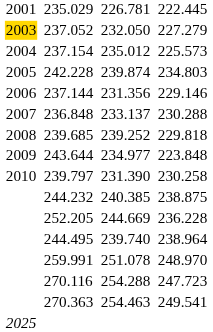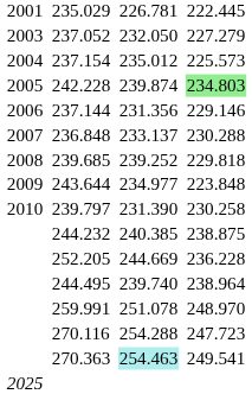 <table>
 <tr>
 <td>2001</td>
 <td></td>
 <td>235.029</td>
 <td></td>
 <td>226.781</td>
 <td></td>
 <td>222.445</td>
 </tr>
 <tr>
-<td style="background: gold;">2003</td>
+<td>2003</td>
 <td></td>
 <td>237.052</td>
 <td></td>
 <td>232.050</td>
 <td></td>
 <td>227.279</td>
 </tr>
 <tr>
 <td>2004</td>
 <td></td>
 <td>237.154</td>
 <td></td>
 <td>235.012</td>
 <td></td>
 <td>225.573</td>
 </tr>
 <tr>
 <td>2005</td>
 <td></td>
 <td>242.228</td>
 <td></td>
 <td>239.874</td>
 <td></td>
-<td>234.803</td>
+<td style="background: lightgreen;">234.803</td>
 </tr>
 <tr>
 <td>2006</td>
 <td></td>
 <td>237.144</td>
 <td></td>
 <td>231.356</td>
 <td></td>
 <td>229.146</td>
 </tr>
 <tr>
 <td>2007</td>
 <td></td>
 <td>236.848</td>
 <td></td>
 <td>233.137</td>
 <td></td>
 <td>230.288</td>
 </tr>
 <tr>
 <td>2008</td>
 <td></td>
 <td>239.685</td>
 <td></td>
 <td>239.252</td>
 <td></td>
 <td>229.818</td>
 </tr>
 <tr>
 <td>2009</td>
 <td></td>
 <td>243.644</td>
 <td></td>
 <td>234.977</td>
 <td></td>
 <td>223.848</td>
 </tr>
 <tr>
 <td>2010</td>
 <td></td>
 <td>239.797</td>
 <td></td>
 <td>231.390</td>
 <td></td>
 <td>230.258</td>
 </tr>
 <tr>
 <td></td>
 <td></td>
 <td>244.232</td>
 <td></td>
 <td>240.385</td>
 <td></td>
 <td>238.875</td>
 </tr>
 <tr>
 <td></td>
 <td></td>
 <td>252.205</td>
 <td></td>
 <td>244.669</td>
 <td></td>
 <td>236.228</td>
 </tr>
 <tr>
 <td></td>
 <td></td>
 <td>244.495</td>
 <td></td>
 <td>239.740</td>
 <td></td>
 <td>238.964</td>
 </tr>
 <tr>
 <td></td>
 <td></td>
 <td>259.991  </td>
 <td></td>
 <td>251.078</td>
 <td></td>
 <td>248.970</td>
 </tr>
 <tr>
 <td></td>
 <td></td>
 <td>270.116  </td>
 <td></td>
 <td>254.288 </td>
 <td></td>
 <td>247.723</td>
 </tr>
 <tr>
 <td></td>
 <td></td>
 <td>270.363 </td>
 <td></td>
-<td>254.463</td>
+<td style="background: paleturquoise;">254.463</td>
 <td></td>
 <td>249.541</td>
 </tr>
 <tr>
 <td><em>2025</em></td>
 <td></td>
 <td></td>
 <td></td>
 <td></td>
 <td></td>
 <td></td>
 </tr>
 </table>
